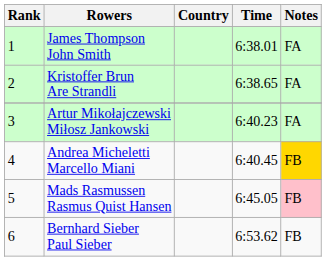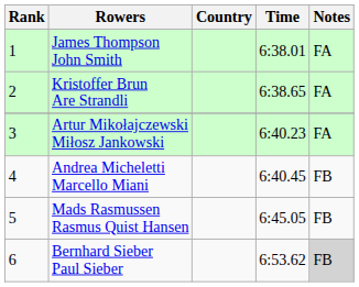 <table class="wikitable">
 <tr>
 <th>Rank</th>
 <th>Rowers</th>
 <th>Country</th>
 <th>Time</th>
 <th>Notes</th>
 </tr>
 <tr bgcolor=ccffcc>
 <td>1</td>
 <td><a href='#'>James Thompson</a><br><a href='#'>John Smith</a></td>
 <td></td>
 <td>6:38.01</td>
 <td>FA</td>
 </tr>
 <tr bgcolor=ccffcc>
 <td>2</td>
 <td><a href='#'>Kristoffer Brun</a><br><a href='#'>Are Strandli</a></td>
 <td></td>
 <td>6:38.65</td>
 <td>FA</td>
 </tr>
 <tr>
 </tr>
 <tr bgcolor=ccffcc>
 <td>3</td>
 <td><a href='#'>Artur Mikołajczewski</a><br><a href='#'>Miłosz Jankowski</a></td>
 <td></td>
 <td>6:40.23</td>
 <td>FA</td>
 </tr>
 <tr>
 <td>4</td>
 <td><a href='#'>Andrea Micheletti</a><br><a href='#'>Marcello Miani</a></td>
 <td></td>
 <td>6:40.45</td>
-<td style="background: gold;">FB</td>
+<td>FB</td>
 </tr>
 <tr>
 <td>5</td>
 <td><a href='#'>Mads Rasmussen</a><br><a href='#'>Rasmus Quist Hansen</a></td>
 <td></td>
 <td>6:45.05</td>
-<td style="background: pink;">FB</td>
+<td>FB</td>
 </tr>
 <tr>
 <td>6</td>
 <td><a href='#'>Bernhard Sieber</a><br><a href='#'>Paul Sieber</a></td>
 <td></td>
 <td>6:53.62</td>
-<td>FB</td>
+<td style="background: lightgrey;">FB</td>
 </tr>
 </table>
